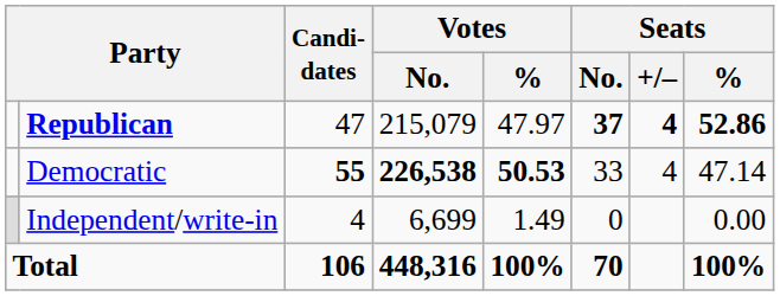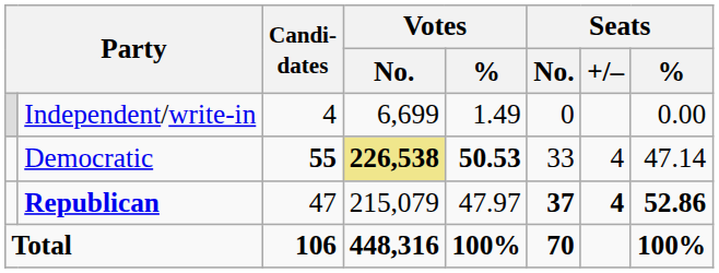 <table class="wikitable" style="font-size:100%; text-align:right;">
 <tr>
 <th colspan=2 rowspan=2>Party</th>
 <th rowspan=2><small>Candi-<br>dates</small></th>
 <th colspan=2>Votes</th>
 <th colspan=3>Seats</th>
 </tr>
 <tr>
 <th>No.</th>
 <th>%</th>
 <th>No.</th>
 <th>+/–</th>
 <th>%</th>
 </tr>
 <tr>
+<td style="background:#ddd;"></td>
+<td align=left><a href='#'>Independent</a>/<a href='#'>write-in</a></td>
+<td>4</td>
+<td>6,699</td>
+<td>1.49</td>
+<td>0</td>
+<td></td>
+<td>0.00</td>
+</tr>
+<tr>
+<td style="background:"></td>
+<td align=left><a href='#'>Democratic</a></td>
+<td><strong>55</strong></td>
+<td style="background: khaki;"><strong>226,538</strong></td>
+<td><strong>50.53</strong></td>
+<td>33</td>
+<td>4</td>
+<td>47.14</td>
+</tr>
+<tr>
 <td style="background:"></td>
 <td align=left><strong><a href='#'>Republican</a></strong></td>
 <td>47</td>
 <td>215,079</td>
 <td>47.97</td>
 <td><strong>37</strong></td>
 <td><strong>4</strong></td>
 <td><strong>52.86</strong></td>
-</tr>
-<tr>
-<td style="background:"></td>
-<td align=left><a href='#'>Democratic</a></td>
-<td><strong>55</strong></td>
-<td><strong>226,538</strong></td>
-<td><strong>50.53</strong></td>
-<td>33</td>
-<td>4</td>
-<td>47.14</td>
-</tr>
-<tr>
-<td style="background:#ddd;"></td>
-<td align=left><a href='#'>Independent</a>/<a href='#'>write-in</a></td>
-<td>4</td>
-<td>6,699</td>
-<td>1.49</td>
-<td>0</td>
-<td></td>
-<td>0.00</td>
 </tr>
 <tr style="font-weight:bold">
 <td colspan=2 align=left>Total</td>
 <td>106</td>
 <td>448,316</td>
 <td>100%</td>
 <td>70</td>
 <td></td>
 <td>100%</td>
 </tr>
 </table>
